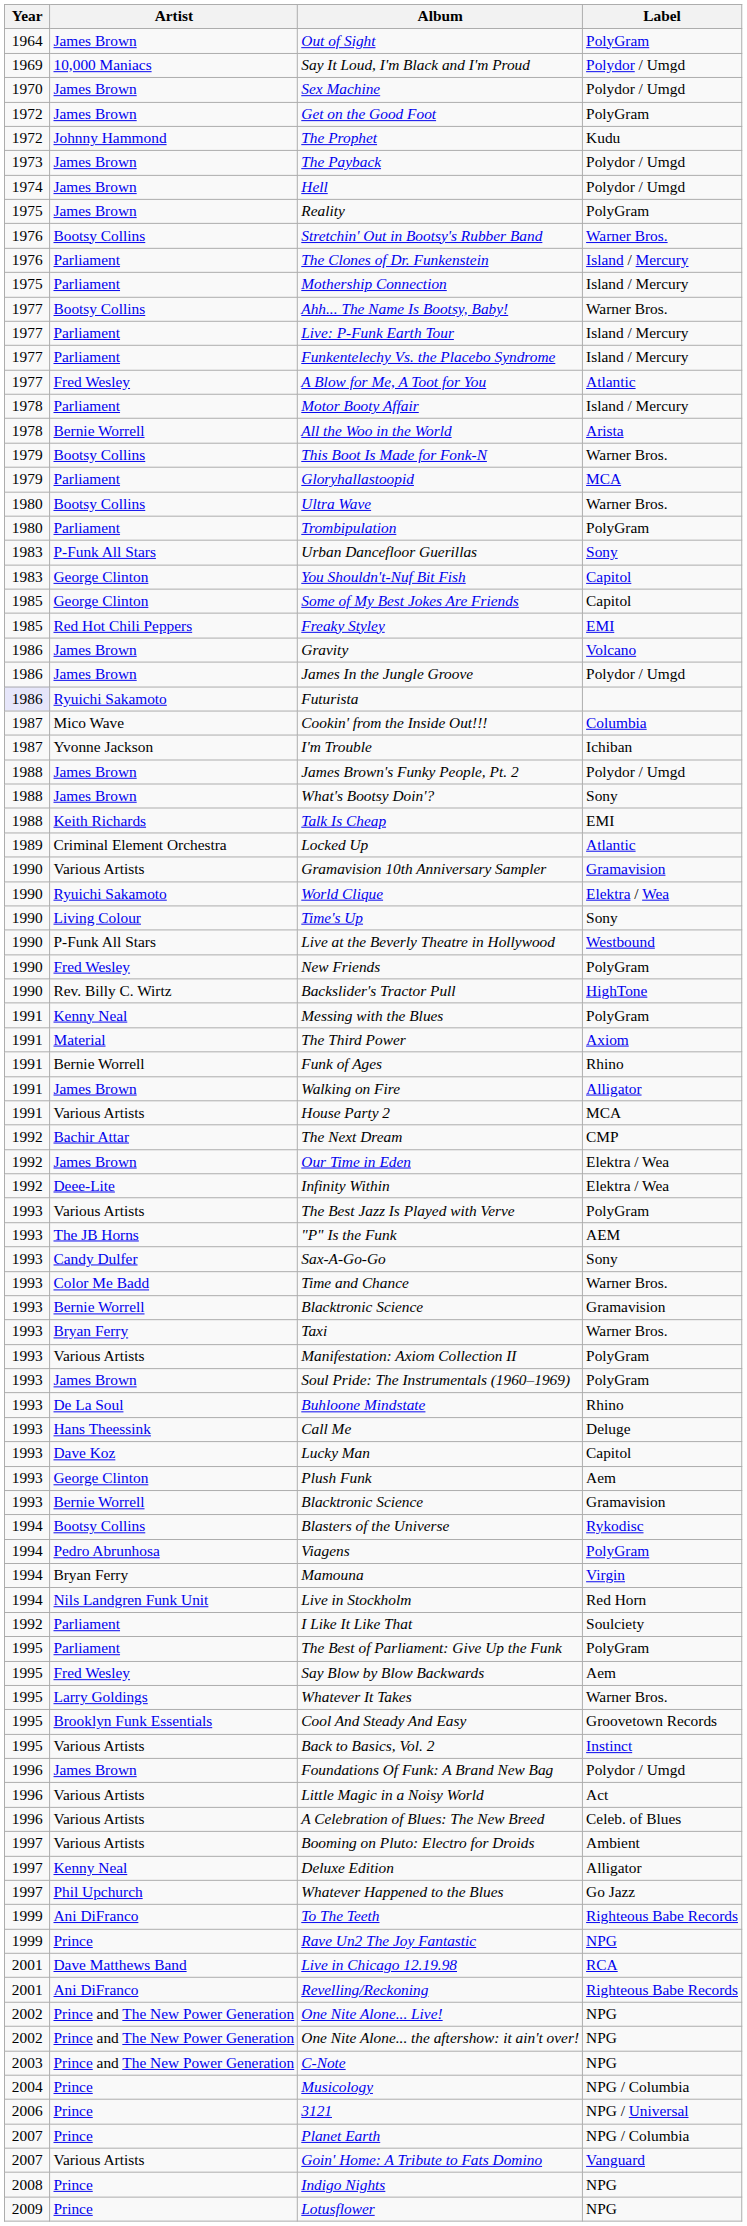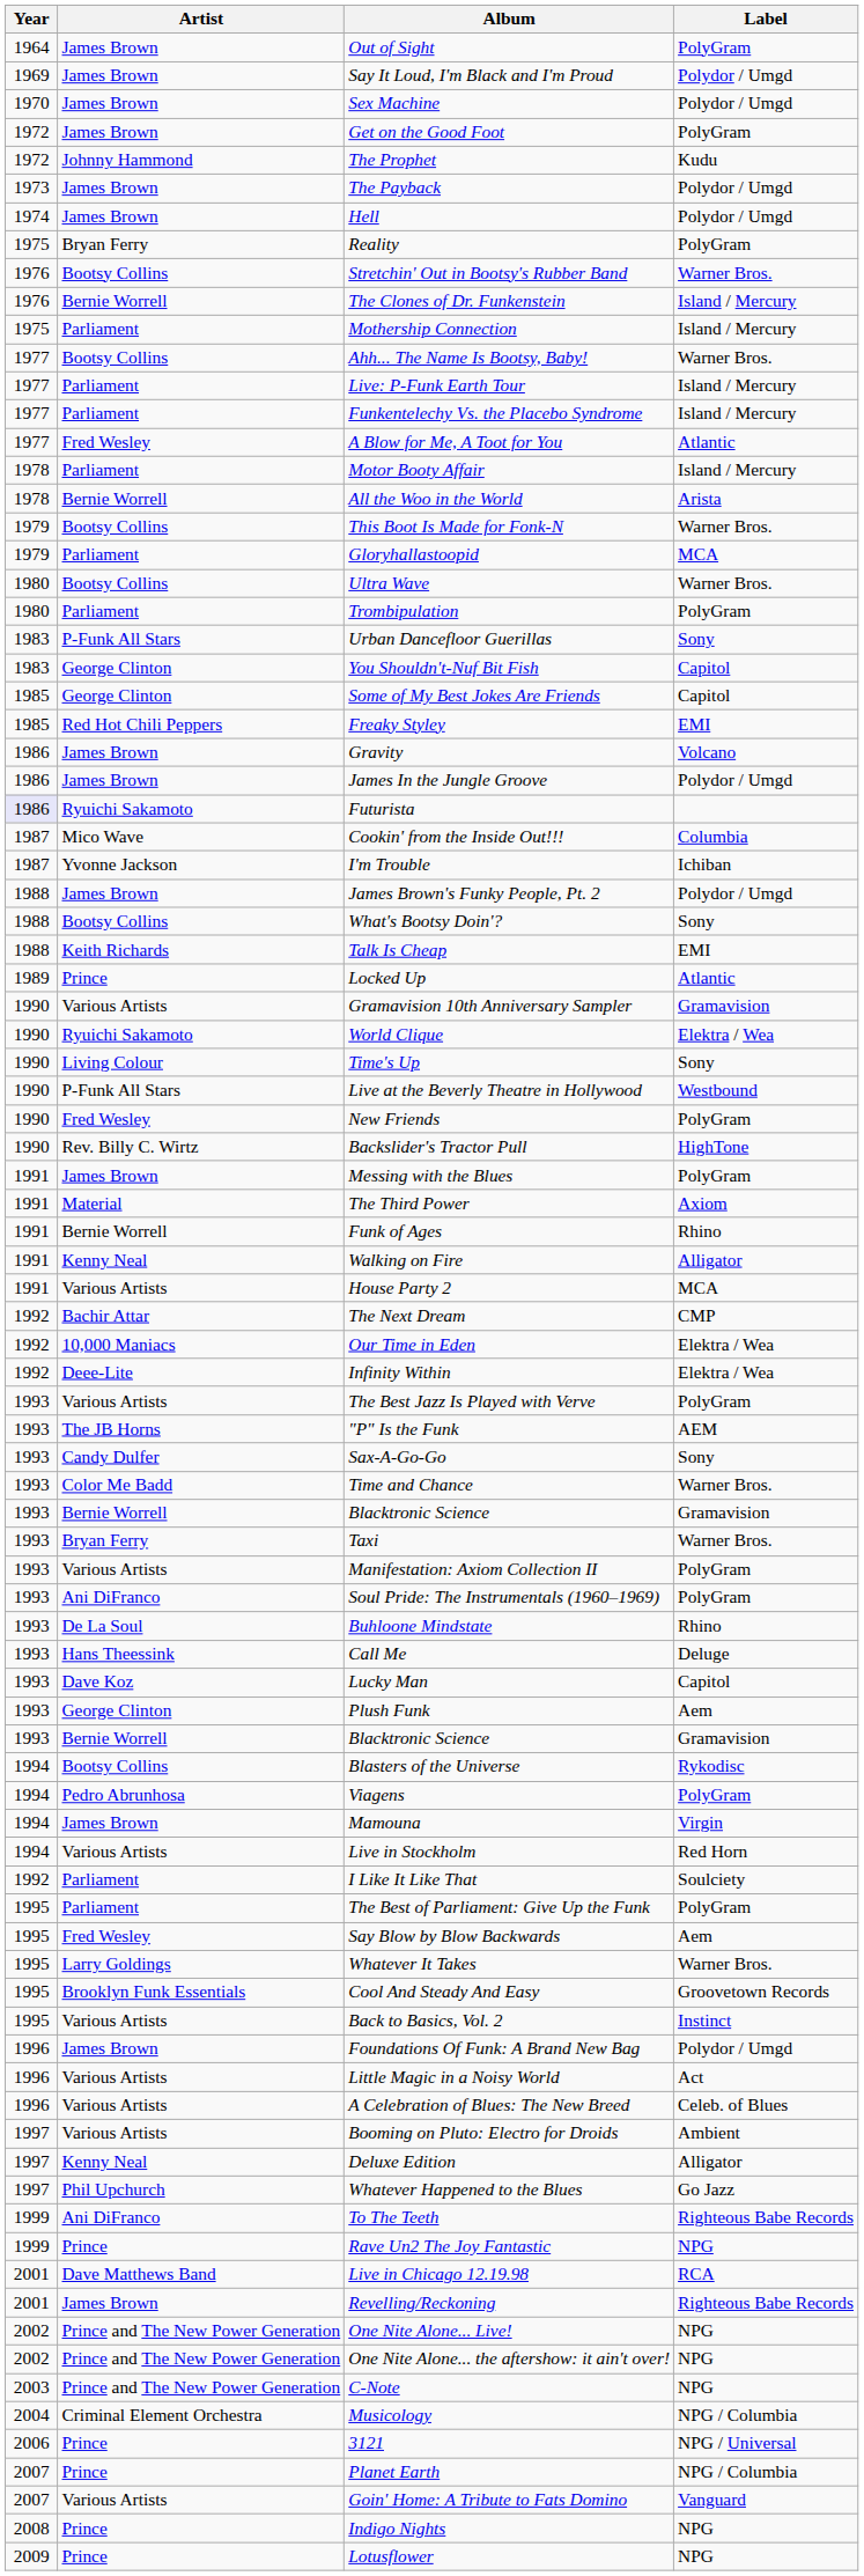 <table class="wikitable sortable">
 <tr>
 <th style="vertical-align:top; text-align:center; width:40px;">Year</th>
 <th valign="top">Artist</th>
 <th valign="top">Album</th>
 <th valign="top">Label</th>
 </tr>
 <tr>
 <td style="text-align:center; vertical-align:top;">1964</td>
 <td valign="top"><a href='#'>James Brown</a></td>
 <td valign="top"><em><a href='#'>Out of Sight</a></em></td>
 <td valign="top"><a href='#'>PolyGram</a></td>
 </tr>
 <tr>
 <td style="text-align:center; vertical-align:top;">1969</td>
-<td valign="top"><a href='#'>10,000 Maniacs</a></td>
+<td valign="top"><a href='#'>James Brown</a></td>
 <td valign="top"><em>Say It Loud, I'm Black and I'm Proud</em></td>
 <td valign="top"><a href='#'>Polydor</a> / Umgd</td>
 </tr>
 <tr>
 <td style="text-align:center; vertical-align:top;">1970</td>
 <td valign="top"><a href='#'>James Brown</a></td>
 <td valign="top"><em><a href='#'>Sex Machine</a></em></td>
 <td valign="top">Polydor / Umgd</td>
 </tr>
 <tr>
 <td style="text-align:center; vertical-align:top;">1972</td>
 <td valign="top"><a href='#'>James Brown</a></td>
 <td valign="top"><em><a href='#'>Get on the Good Foot</a></em></td>
 <td valign="top">PolyGram</td>
 </tr>
 <tr>
 <td style="text-align:center; vertical-align:top;">1972</td>
 <td valign="top"><a href='#'>Johnny Hammond</a></td>
 <td valign="top"><em><a href='#'>The Prophet</a></em></td>
 <td valign="top">Kudu</td>
 </tr>
 <tr>
 <td style="text-align:center; vertical-align:top;">1973</td>
 <td valign="top"><a href='#'>James Brown</a></td>
 <td valign="top"><em><a href='#'>The Payback</a></em></td>
 <td valign="top">Polydor / Umgd</td>
 </tr>
 <tr>
 <td style="text-align:center; vertical-align:top;">1974</td>
 <td valign="top"><a href='#'>James Brown</a></td>
 <td valign="top"><em><a href='#'>Hell</a></em></td>
 <td valign="top">Polydor / Umgd</td>
 </tr>
 <tr>
 <td style="text-align:center; vertical-align:top;">1975</td>
-<td valign="top"><a href='#'>James Brown</a></td>
+<td valign="top">Bryan Ferry</td>
 <td valign="top"><em>Reality</em></td>
 <td valign="top">PolyGram</td>
 </tr>
 <tr>
 <td style="text-align:center; vertical-align:top;">1976</td>
 <td valign="top"><a href='#'>Bootsy Collins</a></td>
 <td valign="top"><em><a href='#'>Stretchin' Out in Bootsy's Rubber Band</a></em></td>
 <td valign="top"><a href='#'>Warner Bros.</a></td>
 </tr>
 <tr>
 <td style="text-align:center; vertical-align:top;">1976</td>
-<td valign="top"><a href='#'>Parliament</a></td>
+<td valign="top"><a href='#'>Bernie Worrell</a></td>
 <td valign="top"><em><a href='#'>The Clones of Dr. Funkenstein</a></em></td>
 <td valign="top"><a href='#'>Island</a> / <a href='#'>Mercury</a></td>
 </tr>
 <tr>
 <td style="text-align:center; vertical-align:top;">1975</td>
 <td valign="top"><a href='#'>Parliament</a></td>
 <td valign="top"><em><a href='#'>Mothership Connection</a></em></td>
 <td valign="top">Island / Mercury</td>
 </tr>
 <tr>
 <td style="text-align:center; vertical-align:top;">1977</td>
 <td valign="top"><a href='#'>Bootsy Collins</a></td>
 <td valign="top"><em><a href='#'>Ahh... The Name Is Bootsy, Baby!</a></em></td>
 <td valign="top">Warner Bros.</td>
 </tr>
 <tr>
 <td style="text-align:center; vertical-align:top;">1977</td>
 <td valign="top"><a href='#'>Parliament</a></td>
 <td valign="top"><em><a href='#'>Live: P-Funk Earth Tour</a></em></td>
 <td valign="top">Island / Mercury</td>
 </tr>
 <tr>
 <td style="text-align:center; vertical-align:top;">1977</td>
 <td valign="top"><a href='#'>Parliament</a></td>
 <td valign="top"><em><a href='#'>Funkentelechy Vs. the Placebo Syndrome</a></em></td>
 <td valign="top">Island / Mercury</td>
 </tr>
 <tr>
 <td style="text-align:center; vertical-align:top;">1977</td>
 <td valign="top"><a href='#'>Fred Wesley</a></td>
 <td valign="top"><em><a href='#'>A Blow for Me, A Toot for You</a></em></td>
 <td valign="top"><a href='#'>Atlantic</a></td>
 </tr>
 <tr>
 <td style="text-align:center; vertical-align:top;">1978</td>
 <td valign="top"><a href='#'>Parliament</a></td>
 <td valign="top"><em><a href='#'>Motor Booty Affair</a></em></td>
 <td valign="top">Island / Mercury</td>
 </tr>
 <tr>
 <td style="text-align:center; vertical-align:top;">1978</td>
 <td valign="top"><a href='#'>Bernie Worrell</a></td>
 <td valign="top"><em><a href='#'>All the Woo in the World</a></em></td>
 <td valign="top"><a href='#'>Arista</a></td>
 </tr>
 <tr>
 <td style="text-align:center; vertical-align:top;">1979</td>
 <td valign="top"><a href='#'>Bootsy Collins</a></td>
 <td valign="top"><em><a href='#'>This Boot Is Made for Fonk-N</a></em></td>
 <td valign="top">Warner Bros.</td>
 </tr>
 <tr>
 <td style="text-align:center; vertical-align:top;">1979</td>
 <td valign="top"><a href='#'>Parliament</a></td>
 <td valign="top"><em><a href='#'>Gloryhallastoopid</a></em></td>
 <td valign="top"><a href='#'>MCA</a></td>
 </tr>
 <tr>
 <td style="text-align:center; vertical-align:top;">1980</td>
 <td valign="top"><a href='#'>Bootsy Collins</a></td>
 <td valign="top"><em><a href='#'>Ultra Wave</a></em></td>
 <td valign="top">Warner Bros.</td>
 </tr>
 <tr>
 <td style="text-align:center; vertical-align:top;">1980</td>
 <td valign="top"><a href='#'>Parliament</a></td>
 <td valign="top"><em><a href='#'>Trombipulation</a></em></td>
 <td valign="top">PolyGram</td>
 </tr>
 <tr>
 <td style="text-align:center; vertical-align:top;">1983</td>
 <td valign="top"><a href='#'>P-Funk All Stars</a></td>
 <td valign="top"><em>Urban Dancefloor Guerillas</em></td>
 <td valign="top"><a href='#'>Sony</a></td>
 </tr>
 <tr>
 <td style="text-align:center; vertical-align:top;">1983</td>
 <td valign="top"><a href='#'>George Clinton</a></td>
 <td valign="top"><em><a href='#'>You Shouldn't-Nuf Bit Fish</a></em></td>
 <td valign="top"><a href='#'>Capitol</a></td>
 </tr>
 <tr>
 <td style="text-align:center; vertical-align:top;">1985</td>
 <td valign="top"><a href='#'>George Clinton</a></td>
 <td valign="top"><em><a href='#'>Some of My Best Jokes Are Friends</a></em></td>
 <td valign="top">Capitol</td>
 </tr>
 <tr>
 <td style="text-align:center; vertical-align:top;">1985</td>
 <td valign="top"><a href='#'>Red Hot Chili Peppers</a></td>
 <td valign="top"><em><a href='#'>Freaky Styley</a></em></td>
 <td valign="top"><a href='#'>EMI</a></td>
 </tr>
 <tr>
 <td style="text-align:center; vertical-align:top;">1986</td>
 <td valign="top"><a href='#'>James Brown</a></td>
 <td valign="top"><em>Gravity</em></td>
 <td valign="top"><a href='#'>Volcano</a></td>
 </tr>
 <tr>
 <td style="text-align:center; vertical-align:top;">1986</td>
 <td valign="top"><a href='#'>James Brown</a></td>
 <td valign="top"><em>James In the Jungle Groove</em></td>
 <td valign="top">Polydor / Umgd</td>
 </tr>
 <tr>
 <td style="background: lavender; text-align:center; vertical-align:top;">1986</td>
 <td valign="top"><a href='#'>Ryuichi Sakamoto</a></td>
 <td valign="top"><em>Futurista</em></td>
 <td valign="top"></td>
 </tr>
 <tr>
 <td style="text-align:center; vertical-align:top;">1987</td>
 <td valign="top">Mico Wave</td>
 <td valign="top"><em>Cookin' from the Inside Out!!!</em></td>
 <td valign="top"><a href='#'>Columbia</a></td>
 </tr>
 <tr>
 <td style="text-align:center; vertical-align:top;">1987</td>
 <td valign="top">Yvonne Jackson</td>
 <td valign="top"><em>I'm Trouble</em></td>
 <td valign="top">Ichiban</td>
 </tr>
 <tr>
 <td style="text-align:center; vertical-align:top;">1988</td>
 <td valign="top"><a href='#'>James Brown</a></td>
 <td valign="top"><em>James Brown's Funky People, Pt. 2</em></td>
 <td valign="top">Polydor / Umgd</td>
 </tr>
 <tr>
 <td style="text-align:center; vertical-align:top;">1988</td>
-<td valign="top"><a href='#'>James Brown</a></td>
+<td valign="top"><a href='#'>Bootsy Collins</a></td>
 <td valign="top"><em>What's Bootsy Doin'?</em></td>
 <td valign="top">Sony</td>
 </tr>
 <tr>
 <td style="text-align:center; vertical-align:top;">1988</td>
 <td valign="top"><a href='#'>Keith Richards</a></td>
 <td valign="top"><em><a href='#'>Talk Is Cheap</a></em></td>
 <td valign="top">EMI</td>
 </tr>
 <tr>
 <td style="text-align:center; vertical-align:top;">1989</td>
-<td valign="top">Criminal Element Orchestra</td>
+<td valign="top"><a href='#'>Prince</a></td>
 <td valign="top"><em>Locked Up</em></td>
 <td valign="top"><a href='#'>Atlantic</a></td>
 </tr>
 <tr>
 <td style="text-align:center; vertical-align:top;">1990</td>
 <td valign="top">Various Artists</td>
 <td valign="top"><em>Gramavision 10th Anniversary Sampler</em></td>
 <td valign="top"><a href='#'>Gramavision</a></td>
 </tr>
 <tr>
 <td style="text-align:center; vertical-align:top;">1990</td>
 <td valign="top"><a href='#'>Ryuichi Sakamoto</a></td>
 <td valign="top"><em><a href='#'>World Clique</a></em></td>
 <td valign="top"><a href='#'>Elektra</a> / <a href='#'>Wea</a></td>
 </tr>
 <tr>
 <td style="text-align:center; vertical-align:top;">1990</td>
 <td valign="top"><a href='#'>Living Colour</a></td>
 <td valign="top"><em><a href='#'>Time's Up</a></em></td>
 <td valign="top">Sony</td>
 </tr>
 <tr>
 <td style="text-align:center; vertical-align:top;">1990</td>
 <td valign="top">P-Funk All Stars</td>
 <td valign="top"><em>Live at the Beverly Theatre in Hollywood</em></td>
 <td valign="top"><a href='#'>Westbound</a></td>
 </tr>
 <tr>
 <td style="text-align:center; vertical-align:top;">1990</td>
 <td valign="top"><a href='#'>Fred Wesley</a></td>
 <td valign="top"><em>New Friends</em></td>
 <td valign="top">PolyGram</td>
 </tr>
 <tr>
 <td style="text-align:center; vertical-align:top;">1990</td>
 <td valign="top">Rev. Billy C. Wirtz</td>
 <td valign="top"><em>Backslider's Tractor Pull</em></td>
 <td valign="top"><a href='#'>HighTone</a></td>
 </tr>
 <tr>
 <td style="text-align:center; vertical-align:top;">1991</td>
-<td valign="top"><a href='#'>Kenny Neal</a></td>
+<td valign="top"><a href='#'>James Brown</a></td>
 <td valign="top"><em>Messing with the Blues</em></td>
 <td valign="top">PolyGram</td>
 </tr>
 <tr>
 <td style="text-align:center; vertical-align:top;">1991</td>
 <td valign="top"><a href='#'>Material</a></td>
 <td valign="top"><em>The Third Power</em></td>
 <td valign="top"><a href='#'>Axiom</a></td>
 </tr>
 <tr>
 <td style="text-align:center; vertical-align:top;">1991</td>
 <td valign="top">Bernie Worrell</td>
 <td valign="top"><em>Funk of Ages</em></td>
 <td valign="top">Rhino</td>
 </tr>
 <tr>
 <td style="text-align:center; vertical-align:top;">1991</td>
-<td valign="top"><a href='#'>James Brown</a></td>
+<td valign="top"><a href='#'>Kenny Neal</a></td>
 <td valign="top"><em>Walking on Fire</em></td>
 <td valign="top"><a href='#'>Alligator</a></td>
 </tr>
 <tr>
 <td style="text-align:center; vertical-align:top;">1991</td>
 <td valign="top">Various Artists</td>
 <td valign="top"><em>House Party 2</em></td>
 <td valign="top">MCA</td>
 </tr>
 <tr>
 <td style="text-align:center; vertical-align:top;">1992</td>
 <td valign="top"><a href='#'>Bachir Attar</a></td>
 <td valign="top"><em>The Next Dream</em></td>
 <td valign="top">CMP</td>
 </tr>
 <tr>
 <td style="text-align:center; vertical-align:top;">1992</td>
-<td valign="top"><a href='#'>James Brown</a></td>
+<td valign="top"><a href='#'>10,000 Maniacs</a></td>
 <td valign="top"><em><a href='#'>Our Time in Eden</a></em></td>
 <td valign="top">Elektra / Wea</td>
 </tr>
 <tr>
 <td style="text-align:center; vertical-align:top;">1992</td>
 <td valign="top"><a href='#'>Deee-Lite</a></td>
 <td valign="top"><em>Infinity Within</em></td>
 <td valign="top">Elektra / Wea</td>
 </tr>
 <tr>
 <td style="text-align:center; vertical-align:top;">1993</td>
 <td valign="top">Various Artists</td>
 <td valign="top"><em>The Best Jazz Is Played with Verve</em></td>
 <td valign="top">PolyGram</td>
 </tr>
 <tr>
 <td style="text-align:center; vertical-align:top;">1993</td>
 <td valign="top"><a href='#'>The JB Horns</a></td>
 <td valign="top"><em>"P" Is the Funk</em></td>
 <td valign="top">AEM</td>
 </tr>
 <tr>
 <td style="text-align:center; vertical-align:top;">1993</td>
 <td valign="top"><a href='#'>Candy Dulfer</a></td>
 <td valign="top"><em>Sax-A-Go-Go</em></td>
 <td valign="top">Sony</td>
 </tr>
 <tr>
 <td style="text-align:center; vertical-align:top;">1993</td>
 <td valign="top"><a href='#'>Color Me Badd</a></td>
 <td valign="top"><em>Time and Chance</em></td>
 <td valign="top">Warner Bros.</td>
 </tr>
 <tr>
 <td style="text-align:center; vertical-align:top;">1993</td>
 <td valign="top"><a href='#'>Bernie Worrell</a></td>
 <td valign="top"><em>Blacktronic Science</em></td>
 <td valign="top">Gramavision</td>
 </tr>
 <tr>
 <td style="text-align:center; vertical-align:top;">1993</td>
 <td valign="top"><a href='#'>Bryan Ferry</a></td>
 <td valign="top"><em>Taxi</em></td>
 <td valign="top">Warner Bros.</td>
 </tr>
 <tr>
 <td style="text-align:center; vertical-align:top;">1993</td>
 <td valign="top">Various Artists</td>
 <td valign="top"><em>Manifestation: Axiom Collection II</em></td>
 <td valign="top">PolyGram</td>
 </tr>
 <tr>
 <td style="text-align:center; vertical-align:top;">1993</td>
-<td valign="top"><a href='#'>James Brown</a></td>
+<td valign="top"><a href='#'>Ani DiFranco</a></td>
 <td valign="top"><em>Soul Pride: The Instrumentals (1960–1969)</em></td>
 <td valign="top">PolyGram</td>
 </tr>
 <tr>
 <td style="text-align:center; vertical-align:top;">1993</td>
 <td valign="top"><a href='#'>De La Soul</a></td>
 <td valign="top"><em><a href='#'>Buhloone Mindstate</a></em></td>
 <td valign="top">Rhino</td>
 </tr>
 <tr>
 <td style="text-align:center; vertical-align:top;">1993</td>
 <td valign="top"><a href='#'>Hans Theessink</a></td>
 <td valign="top"><em>Call Me</em></td>
 <td valign="top">Deluge</td>
 </tr>
 <tr>
 <td style="text-align:center; vertical-align:top;">1993</td>
 <td valign="top"><a href='#'>Dave Koz</a></td>
 <td valign="top"><em>Lucky Man</em></td>
 <td valign="top">Capitol</td>
 </tr>
 <tr>
 <td style="text-align:center; vertical-align:top;">1993</td>
 <td valign="top"><a href='#'>George Clinton</a></td>
 <td valign="top"><em>Plush Funk</em></td>
 <td valign="top">Aem</td>
 </tr>
 <tr>
 <td style="text-align:center; vertical-align:top;">1993</td>
 <td valign="top"><a href='#'>Bernie Worrell</a></td>
 <td valign="top"><em>Blacktronic Science</em></td>
 <td valign="top">Gramavision</td>
 </tr>
 <tr>
 <td style="text-align:center; vertical-align:top;">1994</td>
 <td valign="top"><a href='#'>Bootsy Collins</a></td>
 <td valign="top"><em>Blasters of the Universe</em></td>
 <td valign="top"><a href='#'>Rykodisc</a></td>
 </tr>
 <tr>
 <td style="text-align:center; vertical-align:top;">1994</td>
 <td valign="top"><a href='#'>Pedro Abrunhosa</a></td>
 <td valign="top"><em>Viagens</em></td>
 <td valign="top"><a href='#'>PolyGram</a></td>
 </tr>
 <tr>
 <td style="text-align:center; vertical-align:top;">1994</td>
-<td valign="top">Bryan Ferry</td>
+<td valign="top"><a href='#'>James Brown</a></td>
 <td valign="top"><em>Mamouna</em></td>
 <td valign="top"><a href='#'>Virgin</a></td>
 </tr>
 <tr>
 <td style="text-align:center; vertical-align:top;">1994</td>
-<td valign="top"><a href='#'>Nils Landgren Funk Unit</a></td>
+<td valign="top">Various Artists</td>
 <td valign="top"><em>Live in Stockholm</em></td>
 <td valign="top">Red Horn</td>
 </tr>
 <tr>
 <td style="text-align:center; vertical-align:top;">1992</td>
 <td valign="top"><a href='#'>Parliament</a></td>
 <td valign="top"><em>I Like It Like That</em></td>
 <td valign="top">Soulciety</td>
 </tr>
 <tr>
 <td style="text-align:center; vertical-align:top;">1995</td>
 <td valign="top"><a href='#'>Parliament</a></td>
 <td valign="top"><em>The Best of Parliament: Give Up the Funk</em></td>
 <td valign="top">PolyGram</td>
 </tr>
 <tr>
 <td style="text-align:center; vertical-align:top;">1995</td>
 <td valign="top"><a href='#'>Fred Wesley</a></td>
 <td valign="top"><em>Say Blow by Blow Backwards</em></td>
 <td valign="top">Aem</td>
 </tr>
 <tr>
 <td style="text-align:center; vertical-align:top;">1995</td>
 <td valign="top"><a href='#'>Larry Goldings</a></td>
 <td valign="top"><em>Whatever It Takes</em></td>
 <td valign="top">Warner Bros.</td>
 </tr>
 <tr>
 <td style="text-align:center; vertical-align:top;">1995</td>
 <td valign="top"><a href='#'>Brooklyn Funk Essentials</a></td>
 <td valign="top"><em>Cool And Steady And Easy</em></td>
 <td valign="top">Groovetown Records</td>
 </tr>
 <tr>
 <td style="text-align:center; vertical-align:top;">1995</td>
 <td valign="top">Various Artists</td>
 <td valign="top"><em>Back to Basics, Vol. 2</em></td>
 <td valign="top"><a href='#'>Instinct</a></td>
 </tr>
 <tr>
 <td style="text-align:center; vertical-align:top;">1996</td>
 <td valign="top"><a href='#'>James Brown</a></td>
 <td valign="top"><em>Foundations Of Funk: A Brand New Bag</em></td>
 <td valign="top">Polydor / Umgd</td>
 </tr>
 <tr>
 <td style="text-align:center; vertical-align:top;">1996</td>
 <td valign="top">Various Artists</td>
 <td valign="top"><em>Little Magic in a Noisy World</em></td>
 <td valign="top">Act</td>
 </tr>
 <tr>
 <td style="text-align:center; vertical-align:top;">1996</td>
 <td valign="top">Various Artists</td>
 <td valign="top"><em>A Celebration of Blues: The New Breed</em></td>
 <td valign="top">Celeb. of Blues</td>
 </tr>
 <tr>
 <td style="text-align:center; vertical-align:top;">1997</td>
 <td valign="top">Various Artists</td>
 <td valign="top"><em>Booming on Pluto: Electro for Droids</em></td>
 <td valign="top">Ambient</td>
 </tr>
 <tr>
 <td style="text-align:center; vertical-align:top;">1997</td>
 <td valign="top"><a href='#'>Kenny Neal</a></td>
 <td valign="top"><em>Deluxe Edition</em></td>
 <td valign="top">Alligator</td>
 </tr>
 <tr>
 <td style="text-align:center; vertical-align:top;">1997</td>
 <td valign="top"><a href='#'>Phil Upchurch</a></td>
 <td valign="top"><em>Whatever Happened to the Blues</em></td>
 <td valign="top">Go Jazz</td>
 </tr>
 <tr>
 <td style="text-align:center; vertical-align:top;">1999</td>
 <td valign="top"><a href='#'>Ani DiFranco</a></td>
 <td valign="top"><em><a href='#'>To The Teeth</a></em></td>
 <td valign="top"><a href='#'>Righteous Babe Records</a></td>
 </tr>
 <tr>
 <td style="text-align:center; vertical-align:top;">1999</td>
 <td valign="top"><a href='#'>Prince</a></td>
 <td valign="top"><em><a href='#'>Rave Un2 The Joy Fantastic</a></em></td>
 <td valign="top"><a href='#'>NPG</a></td>
 </tr>
 <tr>
 <td style="text-align:center; vertical-align:top;">2001</td>
 <td valign="top"><a href='#'>Dave Matthews Band</a></td>
 <td valign="top"><em><a href='#'>Live in Chicago 12.19.98</a></em></td>
 <td valign="top"><a href='#'>RCA</a></td>
 </tr>
 <tr>
 <td style="text-align:center; vertical-align:top;">2001</td>
-<td valign="top"><a href='#'>Ani DiFranco</a></td>
+<td valign="top"><a href='#'>James Brown</a></td>
 <td valign="top"><em><a href='#'>Revelling/Reckoning</a></em></td>
 <td valign="top"><a href='#'>Righteous Babe Records</a></td>
 </tr>
 <tr>
 <td style="text-align:center; vertical-align:top;">2002</td>
 <td valign="top"><a href='#'>Prince</a> and <a href='#'>The New Power Generation</a></td>
 <td valign="top"><em><a href='#'>One Nite Alone... Live!</a></em></td>
 <td valign="top">NPG</td>
 </tr>
 <tr>
 <td style="text-align:center; vertical-align:top;">2002</td>
 <td valign="top"><a href='#'>Prince</a> and <a href='#'>The New Power Generation</a></td>
 <td valign="top"><em>One Nite Alone... the aftershow: it ain't over!</em></td>
 <td valign="top">NPG</td>
 </tr>
 <tr>
 <td style="text-align:center; vertical-align:top;">2003</td>
 <td valign="top"><a href='#'>Prince</a> and <a href='#'>The New Power Generation</a></td>
 <td valign="top"><em><a href='#'>C-Note</a></em></td>
 <td valign="top">NPG</td>
 </tr>
 <tr>
 <td style="text-align:center; vertical-align:top;">2004</td>
-<td valign="top"><a href='#'>Prince</a></td>
+<td valign="top">Criminal Element Orchestra</td>
 <td valign="top"><em><a href='#'>Musicology</a></em></td>
 <td valign="top">NPG / Columbia</td>
 </tr>
 <tr>
 <td style="text-align:center; vertical-align:top;">2006</td>
 <td valign="top"><a href='#'>Prince</a></td>
 <td valign="top"><em><a href='#'>3121</a></em></td>
 <td valign="top">NPG / <a href='#'>Universal</a></td>
 </tr>
 <tr>
 <td style="text-align:center; vertical-align:top;">2007</td>
 <td valign="top"><a href='#'>Prince</a></td>
 <td valign="top"><em><a href='#'>Planet Earth</a></em></td>
 <td valign="top">NPG / Columbia</td>
 </tr>
 <tr>
 <td style="text-align:center; vertical-align:top;">2007</td>
 <td valign="top">Various Artists</td>
 <td valign="top"><em><a href='#'>Goin' Home: A Tribute to Fats Domino</a></em></td>
 <td valign="top"><a href='#'>Vanguard</a></td>
 </tr>
 <tr>
 <td style="text-align:center; vertical-align:top;">2008</td>
 <td valign="top"><a href='#'>Prince</a></td>
 <td valign="top"><em><a href='#'>Indigo Nights</a></em></td>
 <td valign="top">NPG</td>
 </tr>
 <tr>
 <td style="text-align:center; vertical-align:top;">2009</td>
 <td valign="top"><a href='#'>Prince</a></td>
 <td valign="top"><em><a href='#'>Lotusflower</a></em></td>
 <td valign="top">NPG</td>
 </tr>
 </table>
